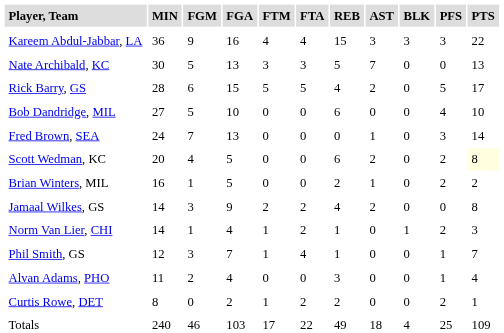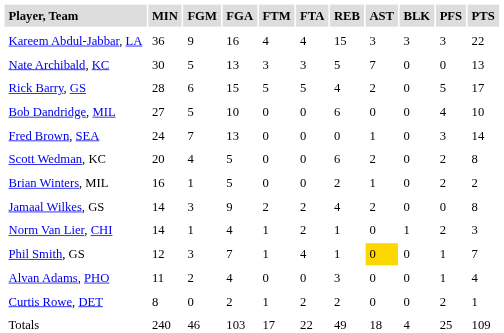 <table cellpadding=5>
 <tr bgcolor="#dddddd">
 <td><strong>Player, Team</strong></td>
 <td><strong>MIN</strong></td>
 <td><strong>FGM</strong></td>
 <td><strong>FGA</strong></td>
 <td><strong>FTM</strong></td>
 <td><strong>FTA</strong></td>
 <td><strong>REB</strong></td>
 <td><strong>AST</strong></td>
 <td><strong>BLK</strong></td>
 <td><strong>PFS</strong></td>
 <td><strong>PTS</strong></td>
 </tr>
 <tr bgcolor="#eeeeee">
 </tr>
 <tr>
 <td><a href='#'>Kareem Abdul-Jabbar</a>, <a href='#'>LA</a></td>
 <td>36</td>
 <td>9</td>
 <td>16</td>
 <td>4</td>
 <td>4</td>
 <td>15</td>
 <td>3</td>
 <td>3</td>
 <td>3</td>
 <td>22</td>
 </tr>
 <tr>
 <td><a href='#'>Nate Archibald</a>, <a href='#'>KC</a></td>
 <td>30</td>
 <td>5</td>
 <td>13</td>
 <td>3</td>
 <td>3</td>
 <td>5</td>
 <td>7</td>
 <td>0</td>
 <td>0</td>
 <td>13</td>
 </tr>
 <tr>
 <td><a href='#'>Rick Barry</a>, <a href='#'>GS</a></td>
 <td>28</td>
 <td>6</td>
 <td>15</td>
 <td>5</td>
 <td>5</td>
 <td>4</td>
 <td>2</td>
 <td>0</td>
 <td>5</td>
 <td>17</td>
 </tr>
 <tr>
 <td><a href='#'>Bob Dandridge</a>, <a href='#'>MIL</a></td>
 <td>27</td>
 <td>5</td>
 <td>10</td>
 <td>0</td>
 <td>0</td>
 <td>6</td>
 <td>0</td>
 <td>0</td>
 <td>4</td>
 <td>10</td>
 </tr>
 <tr>
 <td><a href='#'>Fred Brown</a>, <a href='#'>SEA</a></td>
 <td>24</td>
 <td>7</td>
 <td>13</td>
 <td>0</td>
 <td>0</td>
 <td>0</td>
 <td>1</td>
 <td>0</td>
 <td>3</td>
 <td>14</td>
 </tr>
 <tr>
 <td><a href='#'>Scott Wedman</a>, KC</td>
 <td>20</td>
 <td>4</td>
 <td>5</td>
 <td>0</td>
 <td>0</td>
 <td>6</td>
 <td>2</td>
 <td>0</td>
 <td>2</td>
-<td style="background: lightyellow;">8</td>
+<td>8</td>
 </tr>
 <tr>
 <td><a href='#'>Brian Winters</a>, MIL</td>
 <td>16</td>
 <td>1</td>
 <td>5</td>
 <td>0</td>
 <td>0</td>
 <td>2</td>
 <td>1</td>
 <td>0</td>
 <td>2</td>
 <td>2</td>
 </tr>
 <tr>
 <td><a href='#'>Jamaal Wilkes</a>, GS</td>
 <td>14</td>
 <td>3</td>
 <td>9</td>
 <td>2</td>
 <td>2</td>
 <td>4</td>
 <td>2</td>
 <td>0</td>
 <td>0</td>
 <td>8</td>
 </tr>
 <tr>
 <td><a href='#'>Norm Van Lier</a>, <a href='#'>CHI</a></td>
 <td>14</td>
 <td>1</td>
 <td>4</td>
 <td>1</td>
 <td>2</td>
 <td>1</td>
 <td>0</td>
 <td>1</td>
 <td>2</td>
 <td>3</td>
 </tr>
 <tr>
 <td><a href='#'>Phil Smith</a>, GS</td>
 <td>12</td>
 <td>3</td>
 <td>7</td>
 <td>1</td>
 <td>4</td>
 <td>1</td>
-<td>0</td>
+<td style="background: gold;">0</td>
 <td>0</td>
 <td>1</td>
 <td>7</td>
 </tr>
 <tr>
 <td><a href='#'>Alvan Adams</a>, <a href='#'>PHO</a></td>
 <td>11</td>
 <td>2</td>
 <td>4</td>
 <td>0</td>
 <td>0</td>
 <td>3</td>
 <td>0</td>
 <td>0</td>
 <td>1</td>
 <td>4</td>
 </tr>
 <tr>
 <td><a href='#'>Curtis Rowe</a>, <a href='#'>DET</a></td>
 <td>8</td>
 <td>0</td>
 <td>2</td>
 <td>1</td>
 <td>2</td>
 <td>2</td>
 <td>0</td>
 <td>0</td>
 <td>2</td>
 <td>1</td>
 </tr>
 <tr>
 <td>Totals</td>
 <td>240</td>
 <td>46</td>
 <td>103</td>
 <td>17</td>
 <td>22</td>
 <td>49</td>
 <td>18</td>
 <td>4</td>
 <td>25</td>
 <td>109</td>
 </tr>
 <tr>
 </tr>
 </table>
